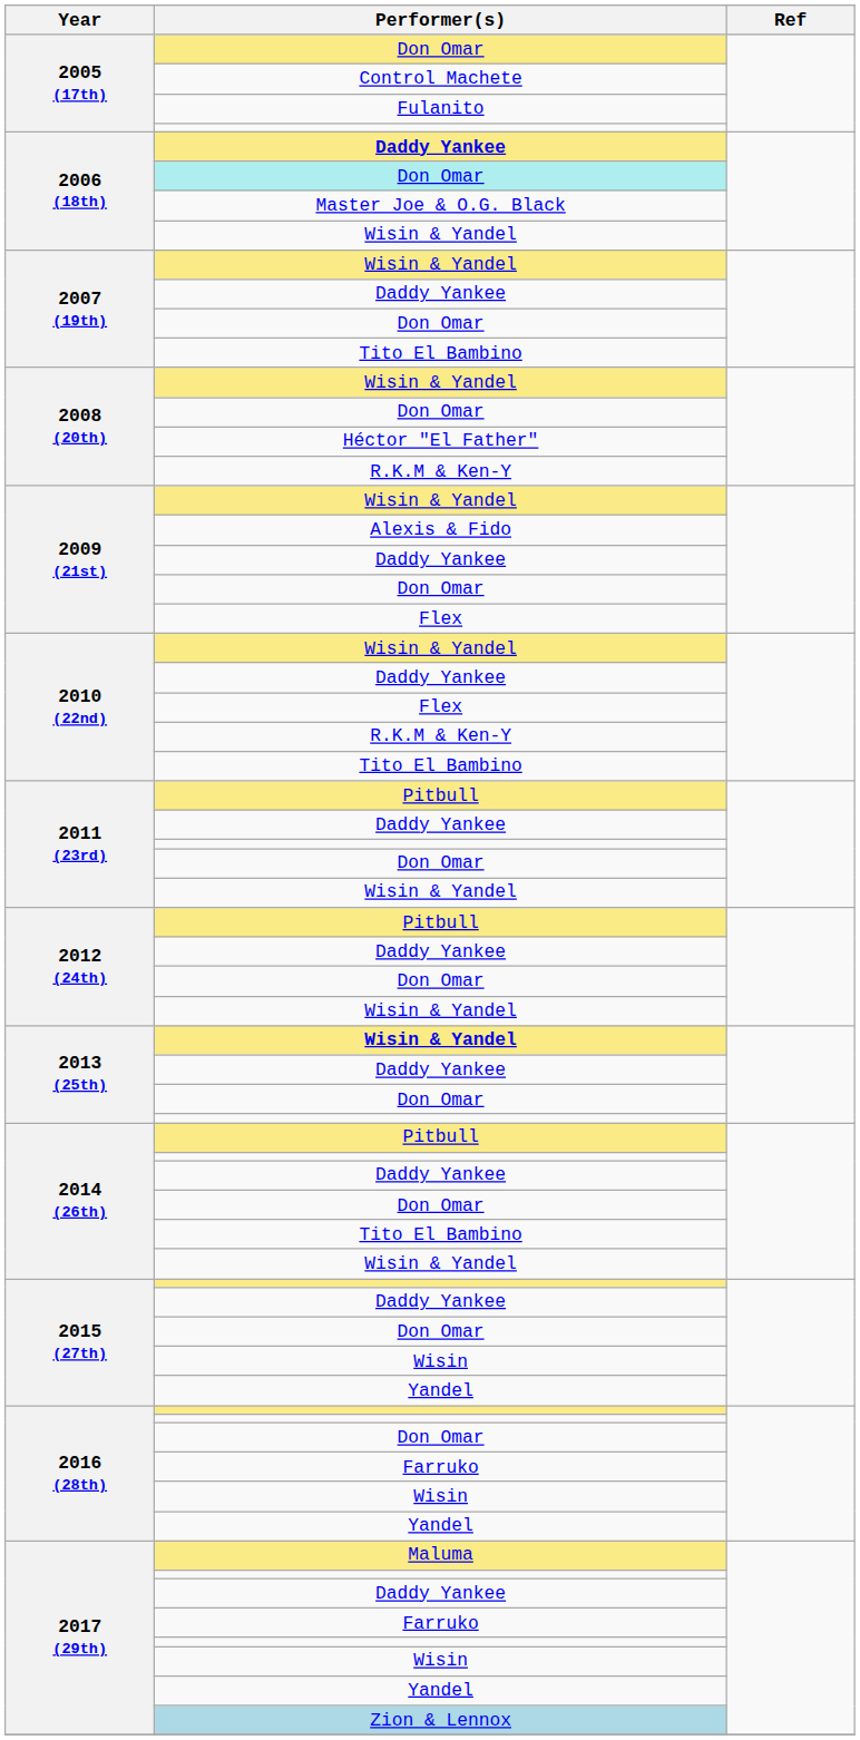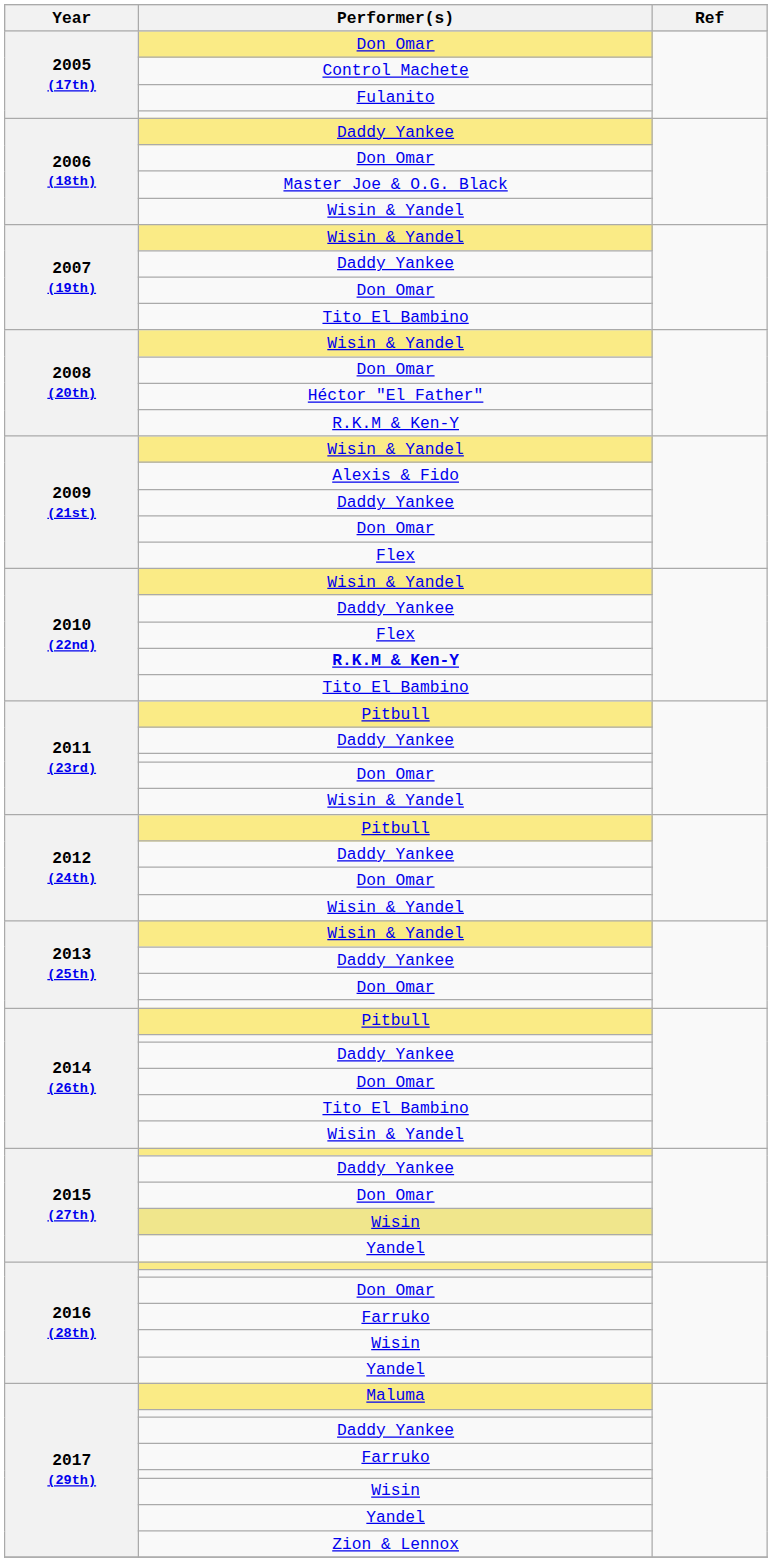 <table class="wikitable sortable plainrowheaders" style="text-align:center;">
 <tr style="background:#bebebe;">
 <th scope="col" style="width:1%;">Year</th>
 <th scope="col" style="width:5%;">Performer(s)</th>
 <th scope="col" style="width:1%;" class="unsortable">Ref</th>
 </tr>
 <tr>
 <th scope="row" rowspan=4 style="text-align:center">2005 <br><small><a href='#'>(17th)</a></small></th>
 <td style="background:#FAEB86"><a href='#'>Don Omar</a></td>
 <td rowspan=4></td>
 </tr>
 <tr>
 <td><a href='#'>Control Machete</a></td>
 </tr>
 <tr>
 <td><a href='#'>Fulanito</a></td>
 </tr>
 <tr>
 <td></td>
 </tr>
 <tr>
 <th scope="row" rowspan=4 style="text-align:center">2006 <br><small><a href='#'>(18th)</a></small></th>
-<td style="background:#FAEB86"><strong><a href='#'>Daddy Yankee</a></strong></td>
+<td style="background:#FAEB86"><a href='#'>Daddy Yankee</a></td>
 <td rowspan=4></td>
 </tr>
 <tr>
-<td style="background: paleturquoise;"><a href='#'>Don Omar</a></td>
+<td><a href='#'>Don Omar</a></td>
 </tr>
 <tr>
 <td><a href='#'>Master Joe & O.G. Black</a></td>
 </tr>
 <tr>
 <td><a href='#'>Wisin & Yandel</a></td>
 </tr>
 <tr>
 <th scope="row" rowspan=4 style="text-align:center">2007 <br><small><a href='#'>(19th)</a></small></th>
 <td style="background:#FAEB86"><a href='#'>Wisin & Yandel</a></td>
 <td rowspan=4></td>
 </tr>
 <tr>
 <td><a href='#'>Daddy Yankee</a></td>
 </tr>
 <tr>
 <td><a href='#'>Don Omar</a></td>
 </tr>
 <tr>
 <td><a href='#'>Tito El Bambino</a></td>
 </tr>
 <tr>
 <th scope="row" rowspan=4 style="text-align:center">2008 <br><small><a href='#'>(20th)</a></small></th>
 <td style="background:#FAEB86"><a href='#'>Wisin & Yandel</a></td>
 <td rowspan=4></td>
 </tr>
 <tr>
 <td><a href='#'>Don Omar</a></td>
 </tr>
 <tr>
 <td><a href='#'>Héctor "El Father"</a></td>
 </tr>
 <tr>
 <td><a href='#'>R.K.M & Ken-Y</a></td>
 </tr>
 <tr>
 <th scope="row" rowspan=5 style="text-align:center">2009 <br><small><a href='#'>(21st)</a></small></th>
 <td style="background:#FAEB86"><a href='#'>Wisin & Yandel</a></td>
 <td rowspan=5></td>
 </tr>
 <tr>
 <td><a href='#'>Alexis & Fido</a></td>
 </tr>
 <tr>
 <td><a href='#'>Daddy Yankee</a></td>
 </tr>
 <tr>
 <td><a href='#'>Don Omar</a></td>
 </tr>
 <tr>
 <td><a href='#'>Flex</a></td>
 </tr>
 <tr>
 <th scope="row" rowspan=5 style="text-align:center">2010 <br><small><a href='#'>(22nd)</a></small></th>
 <td style="background:#FAEB86"><a href='#'>Wisin & Yandel</a></td>
 <td rowspan=5></td>
 </tr>
 <tr>
 <td><a href='#'>Daddy Yankee</a></td>
 </tr>
 <tr>
 <td><a href='#'>Flex</a></td>
 </tr>
 <tr>
-<td><a href='#'>R.K.M & Ken-Y</a></td>
+<td><strong><a href='#'>R.K.M & Ken-Y</a></strong></td>
 </tr>
 <tr>
 <td><a href='#'>Tito El Bambino</a></td>
 </tr>
 <tr>
 <th scope="row" rowspan=5 style="text-align:center">2011 <br><small><a href='#'>(23rd)</a></small></th>
 <td style="background:#FAEB86"><a href='#'>Pitbull</a></td>
 <td rowspan=5></td>
 </tr>
 <tr>
 <td><a href='#'>Daddy Yankee</a></td>
 </tr>
 <tr>
 <td></td>
 </tr>
 <tr>
 <td><a href='#'>Don Omar</a></td>
 </tr>
 <tr>
 <td><a href='#'>Wisin & Yandel</a></td>
 </tr>
 <tr>
 <th scope="row" rowspan=4 style="text-align:center">2012 <br><small><a href='#'>(24th)</a></small></th>
 <td style="background:#FAEB86"><a href='#'>Pitbull</a></td>
 <td rowspan=4></td>
 </tr>
 <tr>
 <td><a href='#'>Daddy Yankee</a></td>
 </tr>
 <tr>
 <td><a href='#'>Don Omar</a></td>
 </tr>
 <tr>
 <td><a href='#'>Wisin & Yandel</a></td>
 </tr>
 <tr>
 <th scope="row" rowspan=4 style="text-align:center">2013 <br><small><a href='#'>(25th)</a></small></th>
-<td style="background:#FAEB86"><strong><a href='#'>Wisin & Yandel</a></strong></td>
+<td style="background:#FAEB86"><a href='#'>Wisin & Yandel</a></td>
 <td rowspan=4></td>
 </tr>
 <tr>
 <td><a href='#'>Daddy Yankee</a></td>
 </tr>
 <tr>
 <td><a href='#'>Don Omar</a></td>
 </tr>
 <tr>
 <td></td>
 </tr>
 <tr>
 <th scope="row" rowspan=6 style="text-align:center">2014 <br><small><a href='#'>(26th)</a></small></th>
 <td style="background:#FAEB86"><a href='#'>Pitbull</a></td>
 <td rowspan=6></td>
 </tr>
 <tr>
 <td></td>
 </tr>
 <tr>
 <td><a href='#'>Daddy Yankee</a></td>
 </tr>
 <tr>
 <td><a href='#'>Don Omar</a></td>
 </tr>
 <tr>
 <td><a href='#'>Tito El Bambino</a></td>
 </tr>
 <tr>
 <td><a href='#'>Wisin & Yandel</a></td>
 </tr>
 <tr>
 <th scope="row" rowspan=5 style="text-align:center">2015 <br><small><a href='#'>(27th)</a></small></th>
 <td style="background:#FAEB86"></td>
 <td rowspan=5></td>
 </tr>
 <tr>
 <td><a href='#'>Daddy Yankee</a></td>
 </tr>
 <tr>
 <td><a href='#'>Don Omar</a></td>
 </tr>
 <tr>
-<td><a href='#'>Wisin</a></td>
+<td style="background: khaki;"><a href='#'>Wisin</a></td>
 </tr>
 <tr>
 <td><a href='#'>Yandel</a></td>
 </tr>
 <tr>
 <th scope="row" rowspan=6 style="text-align:center">2016 <br><small><a href='#'>(28th)</a></small></th>
 <td style="background:#FAEB86"></td>
 <td rowspan=6></td>
 </tr>
 <tr>
 <td></td>
 </tr>
 <tr>
 <td><a href='#'>Don Omar</a></td>
 </tr>
 <tr>
 <td><a href='#'>Farruko</a></td>
 </tr>
 <tr>
 <td><a href='#'>Wisin</a></td>
 </tr>
 <tr>
 <td><a href='#'>Yandel</a></td>
 </tr>
 <tr>
 <th scope="row" rowspan=8 style="text-align:center">2017 <br><small><a href='#'>(29th)</a></small></th>
 <td style="background:#FAEB86"><a href='#'>Maluma</a></td>
 <td rowspan=8></td>
 </tr>
 <tr>
 <td></td>
 </tr>
 <tr>
 <td><a href='#'>Daddy Yankee</a></td>
 </tr>
 <tr>
 <td><a href='#'>Farruko</a></td>
 </tr>
 <tr>
 <td></td>
 </tr>
 <tr>
 <td><a href='#'>Wisin</a></td>
 </tr>
 <tr>
 <td><a href='#'>Yandel</a></td>
 </tr>
 <tr>
-<td style="background: lightblue;"><a href='#'>Zion & Lennox</a></td>
+<td><a href='#'>Zion & Lennox</a></td>
 </tr>
 <tr>
 </tr>
 </table>
